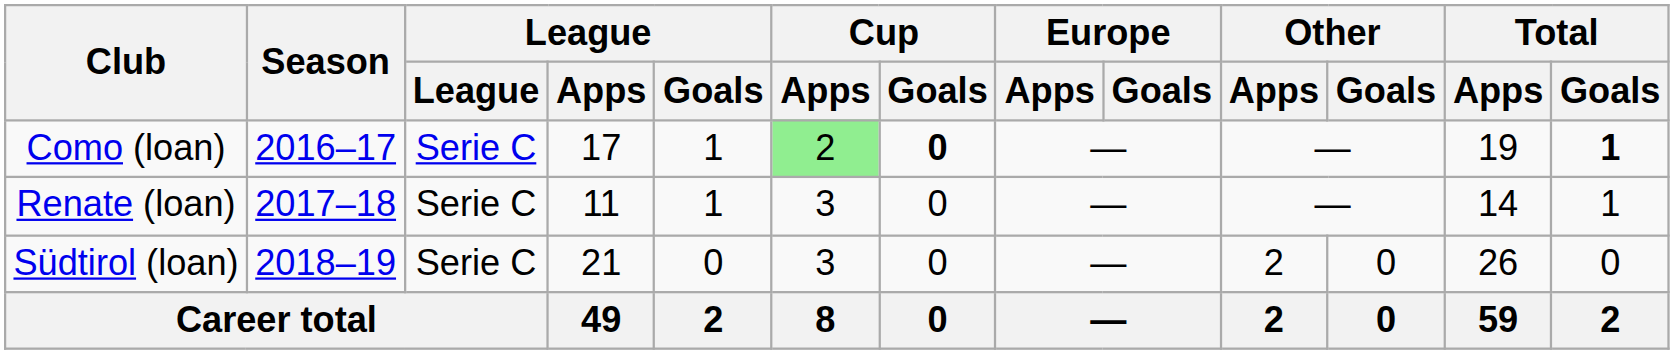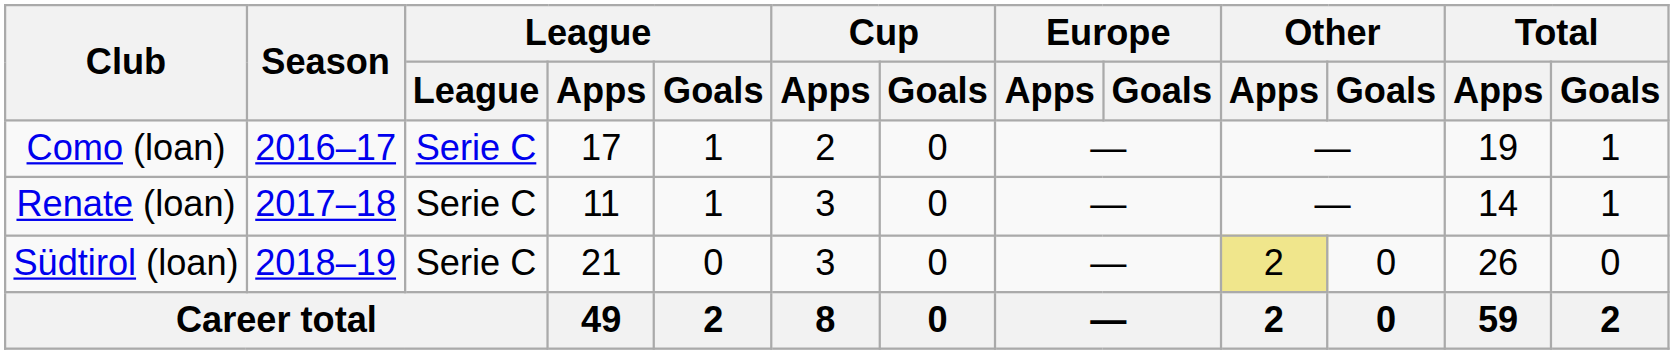 <table class="wikitable" style="text-align: center;">
 <tr>
 <th rowspan="2">Club</th>
 <th rowspan="2">Season</th>
 <th colspan="3">League</th>
 <th colspan="2">Cup</th>
 <th colspan="2">Europe</th>
 <th colspan="2">Other</th>
 <th colspan="2">Total</th>
 </tr>
 <tr>
 <th>League</th>
 <th>Apps</th>
 <th>Goals</th>
 <th>Apps</th>
 <th>Goals</th>
 <th>Apps</th>
 <th>Goals</th>
 <th>Apps</th>
 <th>Goals</th>
 <th>Apps</th>
 <th>Goals</th>
 </tr>
 <tr>
 <td rowspan="1"><a href='#'>Como</a> (loan)</td>
 <td><a href='#'>2016–17</a></td>
 <td rowspan="1"><a href='#'>Serie C</a></td>
 <td>17</td>
 <td>1</td>
-<td style="background: lightgreen;">2</td>
-<td><strong>0</strong></td>
+<td>2</td>
+<td>0</td>
 <td colspan="2">—</td>
 <td colspan="2">—</td>
 <td>19</td>
-<td><strong>1</strong></td>
+<td>1</td>
 </tr>
 <tr>
 <td><a href='#'>Renate</a> (loan)</td>
 <td><a href='#'>2017–18</a></td>
 <td>Serie C</td>
 <td>11</td>
 <td>1</td>
 <td>3</td>
 <td>0</td>
 <td colspan="2">—</td>
 <td colspan="2">—</td>
 <td>14</td>
 <td>1</td>
 </tr>
 <tr>
 <td><a href='#'>Südtirol</a> (loan)</td>
 <td><a href='#'>2018–19</a></td>
 <td>Serie C</td>
 <td>21</td>
 <td>0</td>
 <td>3</td>
 <td>0</td>
 <td colspan="2">—</td>
-<td>2</td>
+<td style="background: khaki;">2</td>
 <td>0</td>
 <td>26</td>
 <td>0</td>
 </tr>
 <tr>
 <th colspan="3">Career total</th>
 <th>49</th>
 <th>2</th>
 <th>8</th>
 <th>0</th>
 <th colspan="2">—</th>
 <th>2</th>
 <th>0</th>
 <th>59</th>
 <th>2</th>
 </tr>
 </table>
